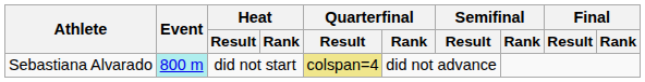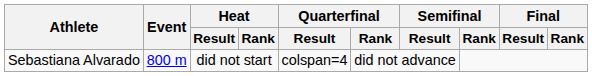 <table class="wikitable" style="font-size:90%">
 <tr>
 <th rowspan="2">Athlete</th>
 <th rowspan="2">Event</th>
 <th colspan="2">Heat</th>
 <th colspan="2">Quarterfinal</th>
 <th colspan="2">Semifinal</th>
 <th colspan="2">Final</th>
 </tr>
 <tr style="font-size:95%">
 <th>Result</th>
 <th>Rank</th>
 <th>Result</th>
 <th>Rank</th>
 <th>Result</th>
 <th>Rank</th>
 <th>Result</th>
 <th>Rank</th>
 </tr>
 <tr align=center>
 <td align="left">Sebastiana Alvarado</td>
-<td align="left" style="background: paleturquoise;"><a href='#'>800 m</a></td>
+<td align="left"><a href='#'>800 m</a></td>
 <td colspan=2>did not start</td>
-<td style="background: khaki;">colspan=4 </td>
+<td>colspan=4 </td>
 <td colspan=2>did not advance</td>
 </tr>
 </table>
